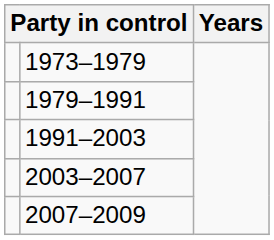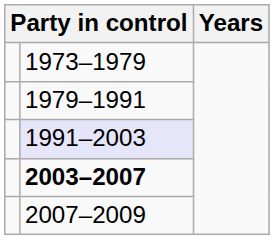 <table class="wikitable">
 <tr>
 <th colspan="2">Party in control</th>
 <th>Years</th>
 </tr>
 <tr>
 <td></td>
 <td>1973–1979</td>
 </tr>
 <tr>
 <td></td>
 <td>1979–1991</td>
 </tr>
 <tr>
 <td></td>
-<td>1991–2003</td>
+<td style="background: lavender;">1991–2003</td>
 </tr>
 <tr>
 <td></td>
-<td>2003–2007</td>
+<td><strong>2003–2007</strong></td>
 </tr>
 <tr>
 <td></td>
 <td>2007–2009</td>
 </tr>
 </table>
